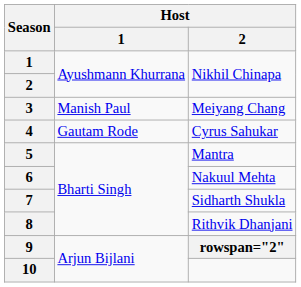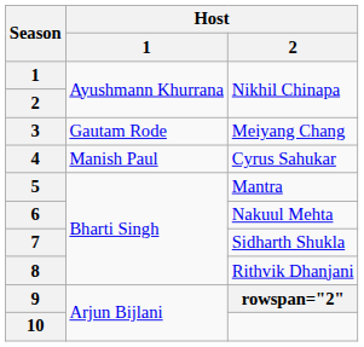 <table class="wikitable">
 <tr>
 <th rowspan="2">Season</th>
 <th colspan="2">Host</th>
 </tr>
 <tr>
 <th>1</th>
 <th>2</th>
 </tr>
 <tr>
 <th><strong>1</strong></th>
 <td rowspan="2"><a href='#'>Ayushmann Khurrana</a></td>
 <td rowspan="2"><a href='#'>Nikhil Chinapa</a></td>
 </tr>
 <tr>
 <th><strong>2</strong></th>
 </tr>
 <tr>
 <th><strong>3</strong></th>
-<td><a href='#'>Manish Paul</a></td>
+<td><a href='#'>Gautam Rode</a></td>
 <td><a href='#'>Meiyang Chang</a></td>
 </tr>
 <tr>
 <th><strong>4</strong></th>
-<td><a href='#'>Gautam Rode</a></td>
+<td><a href='#'>Manish Paul</a></td>
 <td><a href='#'>Cyrus Sahukar</a></td>
 </tr>
 <tr>
 <th><strong>5</strong></th>
 <td rowspan="4"><a href='#'>Bharti Singh</a></td>
 <td><a href='#'>Mantra</a></td>
 </tr>
 <tr>
 <th><strong>6</strong></th>
 <td><a href='#'>Nakuul Mehta</a></td>
 </tr>
 <tr>
 <th><strong>7</strong></th>
 <td><a href='#'>Sidharth Shukla</a></td>
 </tr>
 <tr>
 <th><strong>8</strong></th>
 <td><a href='#'>Rithvik Dhanjani</a></td>
 </tr>
 <tr>
 <th><strong>9</strong></th>
 <td rowspan="2"><a href='#'>Arjun Bijlani</a></td>
 <th>rowspan="2" </th>
 </tr>
 <tr>
 <th><strong>10</strong></th>
 </tr>
 </table>
